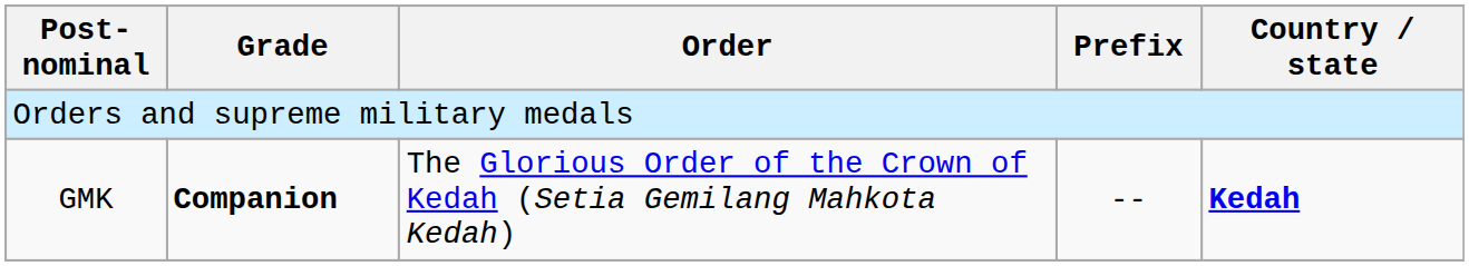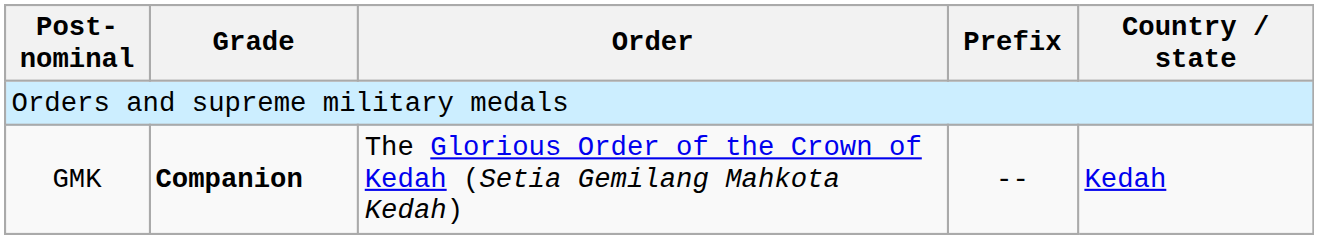 <table class="wikitable" width=100%>
 <tr>
 <th width=11%>Post-nominal</th>
 <th width=16%>Grade</th>
 <th>Order</th>
 <th width=10%>Prefix</th>
 <th width=18%>Country / state</th>
 </tr>
 <tr>
 <td colspan=5 style="background-color:#cceeff">Orders and supreme military medals</td>
 </tr>
 <tr>
 <td align=center>GMK</td>
 <td><strong>Companion</strong></td>
 <td>The <a href='#'>Glorious Order of the Crown of Kedah</a> (<em>Setia Gemilang Mahkota Kedah</em>)</td>
 <td align=center>--</td>
-<td><strong> <a href='#'>Kedah</a></strong></td>
+<td> <a href='#'>Kedah</a></td>
 </tr>
 </table>
